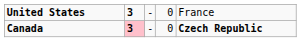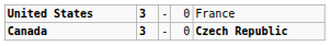 <table class="wikitable">
 <tr>
 <td width=150> <strong>United States</strong></td>
 <td style="width:20px; text-align:left;"><strong>3</strong></td>
 <td>-</td>
 <td style="width:20px; text-align:right;">0</td>
 <td width=150> France</td>
 </tr>
 <tr>
 <td> <strong>Canada</strong></td>
-<td style="background: pink; text-align:left;"><strong>3</strong></td>
+<td style="text-align:left;"><strong>3</strong></td>
 <td>-</td>
 <td style="text-align:right;">0</td>
 <td><strong> Czech Republic</strong></td>
 </tr>
 </table>
